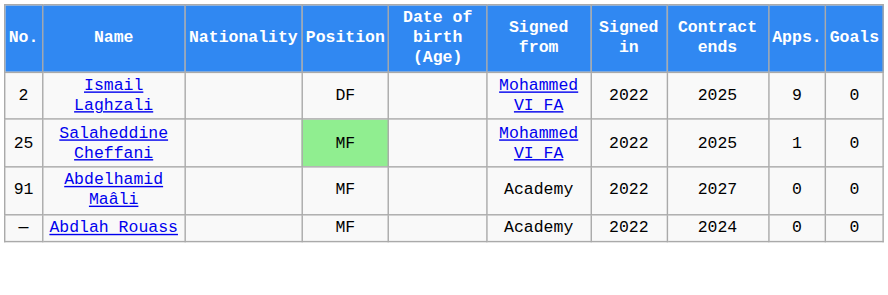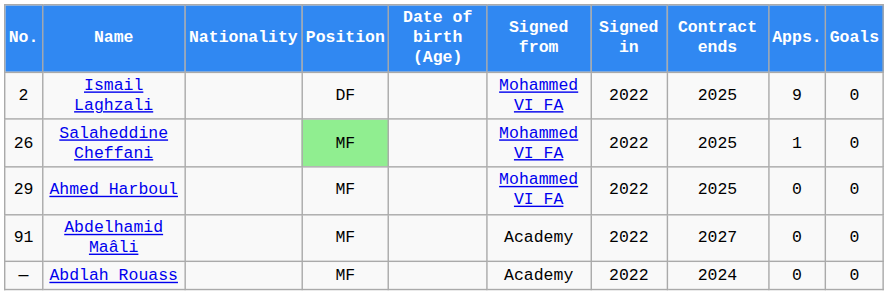 <table class="wikitable sortable"  style="text-align:center; font-size:90%; width:100%;">
 <tr>
 <th style="background:#3088f2; color:#ffffff; ">No.</th>
 <th style="background:#3088f2; color:#ffffff; ">Name</th>
 <th style="background:#3088f2; color:#ffffff; ">Nationality</th>
 <th style="background:#3088f2; color:#ffffff; ">Position</th>
 <th style="background:#3088f2; color:#ffffff; ">Date of birth (Age)</th>
 <th style="background:#3088f2; color:#ffffff; ">Signed from</th>
 <th style="background:#3088f2; color:#ffffff; ">Signed in</th>
 <th style="background:#3088f2; color:#ffffff; ">Contract ends</th>
 <th style="background:#3088f2; color:#ffffff; ">Apps.</th>
 <th style="background:#3088f2; color:#ffffff; ">Goals</th>
 </tr>
 <tr>
 <td>2</td>
 <td><a href='#'>Ismail Laghzali</a></td>
 <td></td>
 <td>DF</td>
 <td></td>
 <td><a href='#'>Mohammed VI FA</a></td>
 <td>2022 </td>
 <td>2025</td>
 <td>9</td>
 <td>0</td>
 </tr>
 <tr>
-<td>25</td>
+<td>26</td>
 <td><a href='#'>Salaheddine Cheffani</a></td>
 <td></td>
 <td style="background: lightgreen;">MF</td>
 <td></td>
 <td><a href='#'>Mohammed VI FA</a></td>
 <td>2022 </td>
 <td>2025</td>
 <td>1</td>
+<td>0</td>
+</tr>
+<tr>
+<td>29</td>
+<td><a href='#'>Ahmed Harboul</a></td>
+<td></td>
+<td>MF</td>
+<td></td>
+<td><a href='#'>Mohammed VI FA</a></td>
+<td>2022 </td>
+<td>2025</td>
+<td>0</td>
 <td>0</td>
 </tr>
 <tr>
 <td>91</td>
 <td><a href='#'>Abdelhamid Maâli</a></td>
 <td></td>
 <td>MF</td>
 <td></td>
 <td>Academy</td>
 <td>2022 </td>
 <td>2027</td>
 <td>0</td>
 <td>0</td>
 </tr>
 <tr>
 <td>—</td>
 <td><a href='#'>Abdlah Rouass</a></td>
 <td></td>
 <td>MF</td>
 <td></td>
 <td>Academy</td>
 <td>2022</td>
 <td>2024</td>
 <td>0</td>
 <td>0</td>
 </tr>
 </table>
